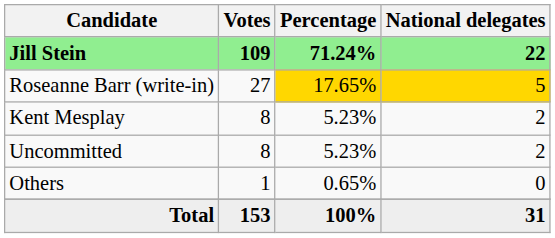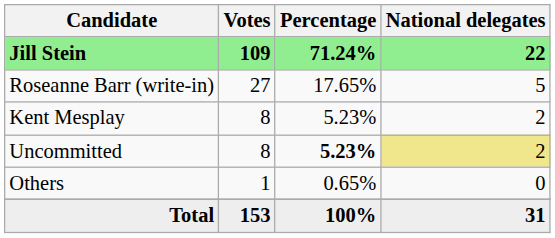 <table class="wikitable" style="text-align:right;">
 <tr>
 <th>Candidate</th>
 <th>Votes</th>
 <th>Percentage</th>
 <th>National delegates</th>
 </tr>
 <tr style="background:lightgreen;">
 <td style="text-align:left;"><strong>Jill Stein</strong></td>
 <td><strong>109</strong></td>
 <td><strong>71.24%</strong></td>
 <td><strong>22</strong></td>
 </tr>
 <tr>
 <td style="text-align:left;">Roseanne Barr (write-in)</td>
 <td>27</td>
-<td style="background: gold;">17.65%</td>
-<td style="background: gold;">5</td>
+<td>17.65%</td>
+<td>5</td>
 </tr>
 <tr>
 <td style="text-align:left;">Kent Mesplay</td>
 <td>8</td>
 <td>5.23%</td>
 <td>2</td>
 </tr>
 <tr>
 <td style="text-align:left;">Uncommitted</td>
 <td>8</td>
-<td>5.23%</td>
-<td>2</td>
+<td><strong>5.23%</strong></td>
+<td style="background: khaki;">2</td>
 </tr>
 <tr>
 <td style="text-align:left;">Others</td>
 <td>1</td>
 <td>0.65%</td>
 <td>0</td>
 </tr>
 <tr>
 </tr>
 <tr style="background:#eee;">
 <td style="margin-right:0.50px"><strong>Total</strong></td>
 <td style="margin-right:0.50px"><strong>153</strong></td>
 <td style="margin-right:0.50px"><strong>100%</strong></td>
 <td style="margin-right:0.50px"><strong>31</strong></td>
 </tr>
 </table>
